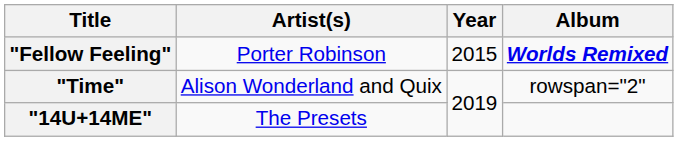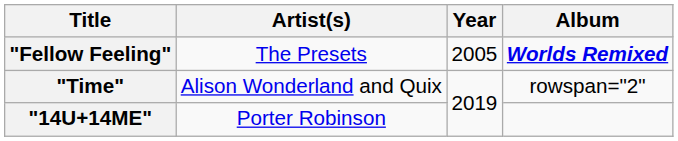 <table class="wikitable plainrowheaders" style="text-align:center;">
 <tr>
 <th scope="col" rowspan="1">Title</th>
 <th scope="col" rowspan="1">Artist(s)</th>
 <th scope="col" rowspan="1">Year</th>
 <th scope="col" rowspan="1">Album</th>
 </tr>
 <tr>
 <th scope="row">"Fellow Feeling"</th>
-<td><a href='#'>Porter Robinson</a></td>
-<td>2015</td>
+<td><a href='#'>The Presets</a></td>
+<td>2005</td>
 <td><strong><em><a href='#'>Worlds Remixed</a></em></strong></td>
 </tr>
 <tr>
 <th scope="row">"Time"</th>
 <td><a href='#'>Alison Wonderland</a> and Quix</td>
 <td rowspan="2">2019</td>
 <td>rowspan="2" </td>
 </tr>
 <tr>
 <th scope="row">"14U+14ME"</th>
-<td><a href='#'>The Presets</a></td>
+<td><a href='#'>Porter Robinson</a></td>
 </tr>
 </table>
